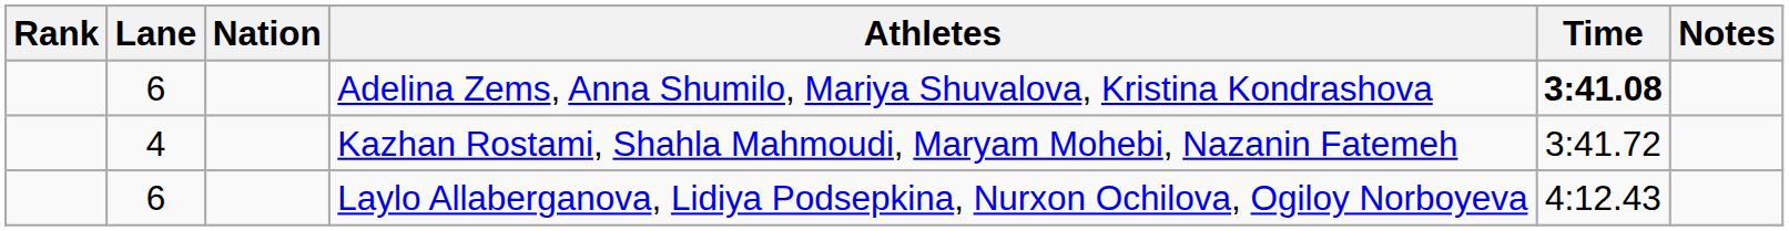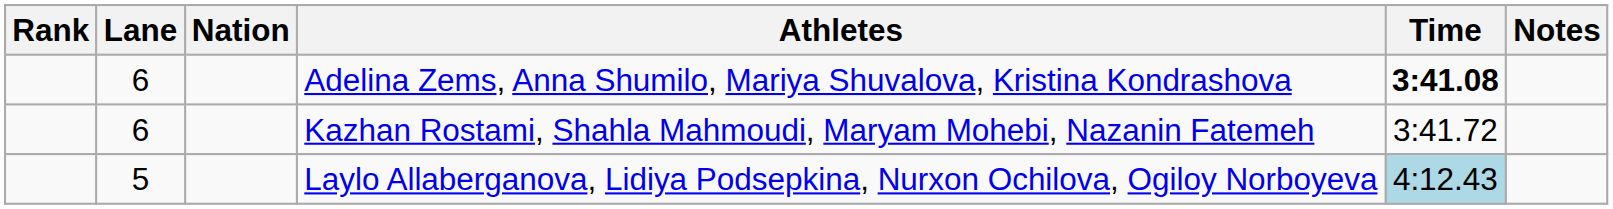 <table class="wikitable sortable" style="text-align:center;font-size:95%">
 <tr>
 <th>Rank</th>
 <th>Lane</th>
 <th>Nation</th>
 <th>Athletes</th>
 <th>Time</th>
 <th>Notes</th>
 </tr>
 <tr>
 <td></td>
 <td>6</td>
 <td align=left></td>
 <td align=left><a href='#'>Adelina Zems</a>, <a href='#'>Anna Shumilo</a>, <a href='#'>Mariya Shuvalova</a>, <a href='#'>Kristina Kondrashova</a></td>
 <td><strong>3:41.08</strong></td>
 <td></td>
 </tr>
 <tr>
 <td></td>
-<td>4</td>
+<td>6</td>
 <td align=left></td>
 <td align=left><a href='#'>Kazhan Rostami</a>, <a href='#'>Shahla Mahmoudi</a>, <a href='#'>Maryam Mohebi</a>, <a href='#'>Nazanin Fatemeh</a></td>
 <td>3:41.72</td>
 <td></td>
 </tr>
 <tr>
 <td></td>
-<td>6</td>
+<td>5</td>
 <td align=left></td>
 <td align=left><a href='#'>Laylo Allaberganova</a>, <a href='#'>Lidiya Podsepkina</a>, <a href='#'>Nurxon Ochilova</a>, <a href='#'>Ogiloy Norboyeva</a></td>
-<td>4:12.43</td>
+<td style="background: lightblue;">4:12.43</td>
 <td></td>
 </tr>
 </table>
